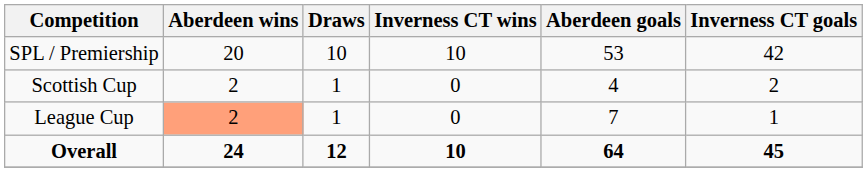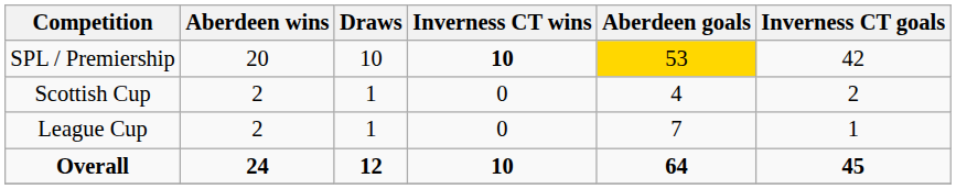 <table class="wikitable" style="text-align: center;">
 <tr>
 <th>Competition</th>
 <th>Aberdeen wins</th>
 <th>Draws</th>
 <th>Inverness CT wins</th>
 <th>Aberdeen goals</th>
 <th>Inverness CT goals</th>
 </tr>
 <tr>
 <td>SPL / Premiership</td>
 <td>20</td>
 <td>10</td>
-<td>10</td>
-<td>53</td>
+<td><strong>10</strong></td>
+<td style="background: gold;">53</td>
 <td>42</td>
 </tr>
 <tr>
 <td>Scottish Cup</td>
 <td>2</td>
 <td>1</td>
 <td>0</td>
 <td>4</td>
 <td>2</td>
 </tr>
 <tr>
 <td>League Cup</td>
-<td style="background: lightsalmon;">2</td>
+<td>2</td>
 <td>1</td>
 <td>0</td>
 <td>7</td>
 <td>1</td>
 </tr>
 <tr>
 <td><strong>Overall</strong></td>
 <td><strong>24</strong></td>
 <td><strong>12</strong></td>
 <td><strong>10</strong></td>
 <td><strong>64</strong></td>
 <td><strong>45</strong></td>
 </tr>
 <tr>
 </tr>
 </table>
